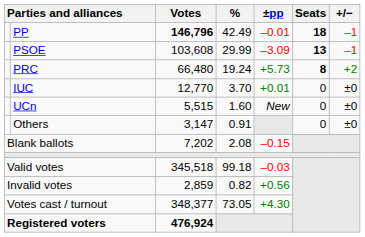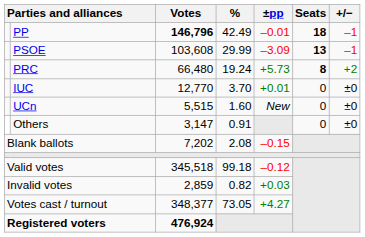 <table class="wikitable" style="text-align:right;">
 <tr>
 <th style="text-align:left;" colspan="2" width="200">Parties and alliances</th>
 <th width="75">Votes</th>
 <th width="45">%</th>
 <th width="45">±<a href='#'>pp</a></th>
 <th width="35">Seats</th>
 <th width="35">+/−</th>
 </tr>
 <tr>
 <td width="1" style="color:inherit;background:"></td>
 <td align="left"><a href='#'>PP</a></td>
 <td><strong>146,796</strong></td>
 <td>42.49</td>
 <td style="color:red;">–0.01</td>
 <td><strong>18</strong></td>
 <td style="color:red;">–1</td>
 </tr>
 <tr>
 <td style="color:inherit;background:"></td>
 <td align="left"><a href='#'>PSOE</a></td>
 <td>103,608</td>
 <td>29.99</td>
 <td style="color:red;">–3.09</td>
 <td><strong>13</strong></td>
 <td style="color:red;">–1</td>
 </tr>
 <tr>
 <td style="color:inherit;background:"></td>
 <td align="left"><a href='#'>PRC</a></td>
 <td>66,480</td>
 <td>19.24</td>
 <td style="color:green;">+5.73</td>
 <td><strong>8</strong></td>
 <td style="color:green;">+2</td>
 </tr>
 <tr>
 <td style="color:inherit;background:"></td>
 <td align="left"><a href='#'>IUC</a></td>
 <td>12,770</td>
 <td>3.70</td>
 <td style="color:green;">+0.01</td>
 <td>0</td>
 <td>±0</td>
 </tr>
 <tr>
 <td style="color:inherit;background:"></td>
 <td align="left"><a href='#'>UCn</a></td>
 <td>5,515</td>
 <td>1.60</td>
 <td><em>New</em></td>
 <td>0</td>
 <td>±0</td>
 </tr>
 <tr>
 <td bgcolor="white"></td>
 <td align="left">Others</td>
 <td>3,147</td>
 <td>0.91</td>
 <td bgcolor="#E9E9E9"></td>
 <td>0</td>
 <td>±0</td>
 </tr>
 <tr>
 <td align="left" colspan="2">Blank ballots</td>
 <td>7,202</td>
 <td>2.08</td>
 <td style="color:red;">–0.15</td>
 <td bgcolor="#E9E9E9" colspan="2"></td>
 </tr>
 <tr>
 <td colspan="7" bgcolor="#E9E9E9"></td>
 </tr>
 <tr>
 <td align="left" colspan="2">Valid votes</td>
 <td>345,518</td>
 <td>99.18</td>
-<td style="color:red;">–0.03</td>
+<td style="color:red;">–0.12</td>
 <td bgcolor="#E9E9E9" colspan="2" rowspan="4"></td>
 </tr>
 <tr>
 <td align="left" colspan="2">Invalid votes</td>
 <td>2,859</td>
 <td>0.82</td>
-<td style="color:green;">+0.56</td>
+<td style="color:green;">+0.03</td>
 </tr>
 <tr>
 <td align="left" colspan="2">Votes cast / turnout</td>
 <td>348,377</td>
 <td>73.05</td>
-<td style="color:green;">+4.30</td>
+<td style="color:green;">+4.27</td>
 </tr>
 <tr style="font-weight:bold;">
 <td align="left" colspan="2">Registered voters</td>
 <td>476,924</td>
 <td bgcolor="#E9E9E9" colspan="2"></td>
 </tr>
 </table>
